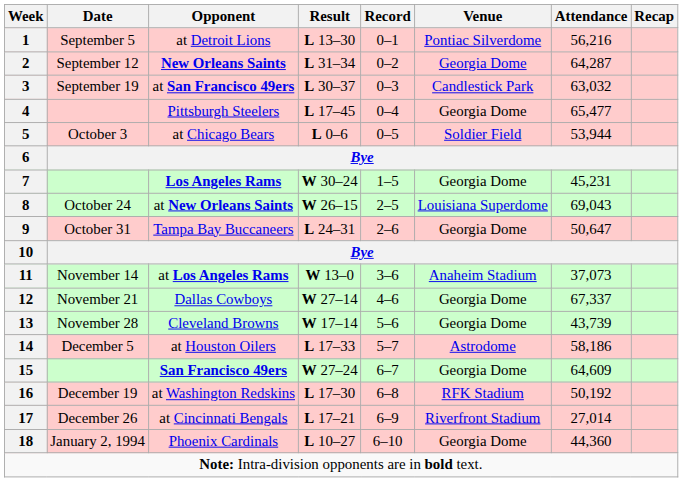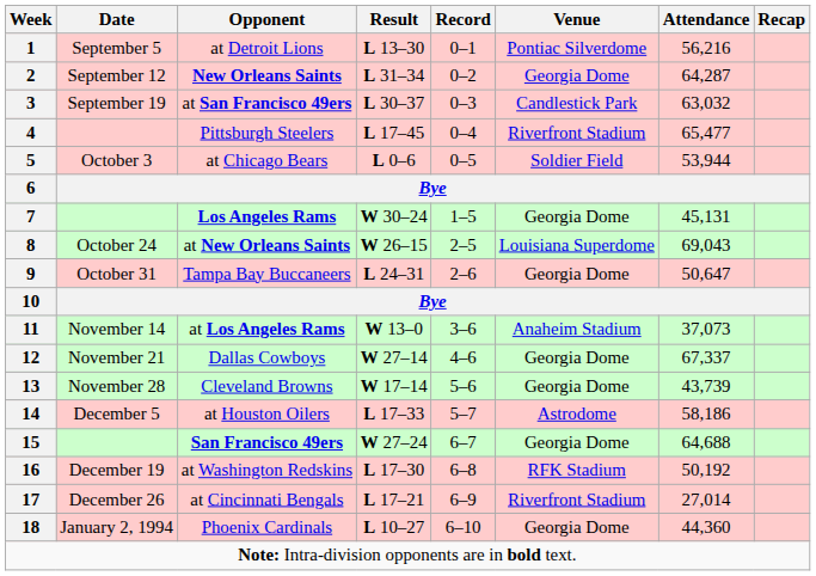 <table class="wikitable" style="text-align:center">
 <tr>
 <th>Week</th>
 <th>Date</th>
 <th>Opponent</th>
 <th>Result</th>
 <th>Record</th>
 <th>Venue</th>
 <th>Attendance</th>
 <th>Recap</th>
 </tr>
 <tr style="background:#fcc">
 <th>1</th>
 <td>September 5</td>
 <td>at <a href='#'>Detroit Lions</a></td>
 <td><strong>L</strong> 13–30</td>
 <td>0–1</td>
 <td><a href='#'>Pontiac Silverdome</a></td>
 <td>56,216</td>
 <td></td>
 </tr>
 <tr style="background:#fcc">
 <th>2</th>
 <td>September 12</td>
 <td><strong><a href='#'>New Orleans Saints</a></strong></td>
 <td><strong>L</strong> 31–34</td>
 <td>0–2</td>
 <td><a href='#'>Georgia Dome</a></td>
 <td>64,287</td>
 <td></td>
 </tr>
 <tr style="background:#fcc">
 <th>3</th>
 <td>September 19</td>
 <td>at <strong><a href='#'>San Francisco 49ers</a></strong></td>
 <td><strong>L</strong> 30–37</td>
 <td>0–3</td>
 <td><a href='#'>Candlestick Park</a></td>
 <td>63,032</td>
 <td></td>
 </tr>
 <tr style="background:#fcc">
 <th>4</th>
 <td></td>
 <td><a href='#'>Pittsburgh Steelers</a></td>
 <td><strong>L</strong> 17–45</td>
 <td>0–4</td>
-<td>Georgia Dome</td>
+<td><a href='#'>Riverfront Stadium</a></td>
 <td>65,477</td>
 <td></td>
 </tr>
 <tr style="background:#fcc">
 <th>5</th>
 <td>October 3</td>
 <td>at <a href='#'>Chicago Bears</a></td>
 <td><strong>L</strong> 0–6</td>
 <td>0–5</td>
 <td><a href='#'>Soldier Field</a></td>
 <td>53,944</td>
 <td></td>
 </tr>
 <tr>
 <th>6</th>
 <th colspan=7><em><a href='#'>Bye</a></em></th>
 </tr>
 <tr style="background:#cfc">
 <th>7</th>
 <td></td>
 <td><strong><a href='#'>Los Angeles Rams</a></strong></td>
 <td><strong>W</strong> 30–24</td>
 <td>1–5</td>
 <td>Georgia Dome</td>
-<td>45,231</td>
+<td>45,131</td>
 <td></td>
 </tr>
 <tr style="background:#cfc">
 <th>8</th>
 <td>October 24</td>
 <td>at <strong><a href='#'>New Orleans Saints</a></strong></td>
 <td><strong>W</strong> 26–15</td>
 <td>2–5</td>
 <td><a href='#'>Louisiana Superdome</a></td>
 <td>69,043</td>
 <td></td>
 </tr>
 <tr style="background:#fcc">
 <th>9</th>
 <td>October 31</td>
 <td><a href='#'>Tampa Bay Buccaneers</a></td>
 <td><strong>L</strong> 24–31</td>
 <td>2–6</td>
 <td>Georgia Dome</td>
 <td>50,647</td>
 <td></td>
 </tr>
 <tr>
 <th>10</th>
 <th colspan=7><em><a href='#'>Bye</a></em></th>
 </tr>
 <tr style="background:#cfc">
 <th>11</th>
 <td>November 14</td>
 <td>at <strong><a href='#'>Los Angeles Rams</a></strong></td>
 <td><strong>W</strong> 13–0</td>
 <td>3–6</td>
 <td><a href='#'>Anaheim Stadium</a></td>
 <td>37,073</td>
 <td></td>
 </tr>
 <tr style="background:#cfc">
 <th>12</th>
 <td>November 21</td>
 <td><a href='#'>Dallas Cowboys</a></td>
 <td><strong>W</strong> 27–14</td>
 <td>4–6</td>
 <td>Georgia Dome</td>
 <td>67,337</td>
 <td></td>
 </tr>
 <tr style="background:#cfc">
 <th>13</th>
 <td>November 28</td>
 <td><a href='#'>Cleveland Browns</a></td>
 <td><strong>W</strong> 17–14</td>
 <td>5–6</td>
 <td>Georgia Dome</td>
 <td>43,739</td>
 <td></td>
 </tr>
 <tr style="background:#fcc">
 <th>14</th>
 <td>December 5</td>
 <td>at <a href='#'>Houston Oilers</a></td>
 <td><strong>L</strong> 17–33</td>
 <td>5–7</td>
 <td><a href='#'>Astrodome</a></td>
 <td>58,186</td>
 <td></td>
 </tr>
 <tr style="background:#cfc">
 <th>15</th>
 <td></td>
 <td><strong><a href='#'>San Francisco 49ers</a></strong></td>
 <td><strong>W</strong> 27–24</td>
 <td>6–7</td>
 <td>Georgia Dome</td>
-<td>64,609</td>
+<td>64,688</td>
 <td></td>
 </tr>
 <tr style="background:#fcc">
 <th>16</th>
 <td>December 19</td>
 <td>at <a href='#'>Washington Redskins</a></td>
 <td><strong>L</strong> 17–30</td>
 <td>6–8</td>
 <td><a href='#'>RFK Stadium</a></td>
 <td>50,192</td>
 <td></td>
 </tr>
 <tr style="background:#fcc">
 <th>17</th>
 <td>December 26</td>
 <td>at <a href='#'>Cincinnati Bengals</a></td>
 <td><strong>L</strong> 17–21</td>
 <td>6–9</td>
 <td><a href='#'>Riverfront Stadium</a></td>
 <td>27,014</td>
 <td></td>
 </tr>
 <tr style="background:#fcc">
 <th>18</th>
 <td>January 2, 1994</td>
 <td><a href='#'>Phoenix Cardinals</a></td>
 <td><strong>L</strong> 10–27</td>
 <td>6–10</td>
 <td>Georgia Dome</td>
 <td>44,360</td>
 <td></td>
 </tr>
 <tr>
 <td colspan="8"><strong>Note:</strong> Intra-division opponents are in <strong>bold</strong> text.</td>
 </tr>
 </table>
